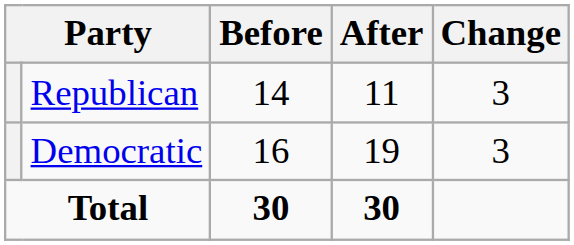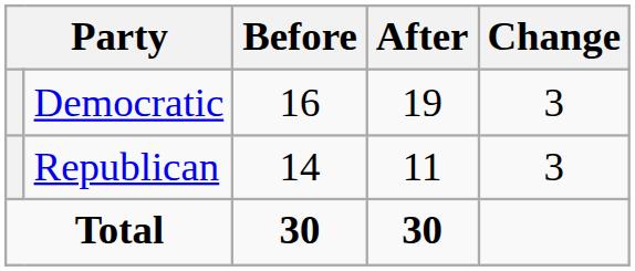 <table class="wikitable" style="text-align:center;">
 <tr>
 <th colspan="2">Party</th>
 <th>Before</th>
 <th>After</th>
 <th>Change</th>
 </tr>
 <tr>
 <th style="background-color:"></th>
-<td style="text-align:left;"><a href='#'>Republican</a></td>
-<td>14</td>
-<td>11</td>
+<td style="text-align:left;"><a href='#'>Democratic</a></td>
+<td>16</td>
+<td>19</td>
 <td> 3</td>
 </tr>
 <tr>
 <th style="background-color:"></th>
-<td style="text-align:left;"><a href='#'>Democratic</a></td>
-<td>16</td>
-<td>19</td>
+<td style="text-align:left;"><a href='#'>Republican</a></td>
+<td>14</td>
+<td>11</td>
 <td> 3</td>
 </tr>
 <tr>
 <td colspan="2"><strong>Total</strong></td>
 <td><strong>30</strong></td>
 <td><strong>30</strong></td>
 <td></td>
 </tr>
 </table>
